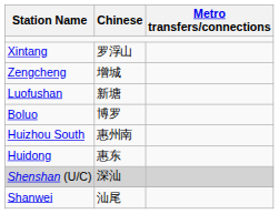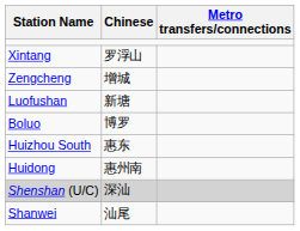 <table class="wikitable">
 <tr>
 <th>Station Name</th>
 <th>Chinese</th>
 <th><a href='#'>Metro</a><br>transfers/connections</th>
 </tr>
 <tr style="background:#">
 <td colspan = "11"></td>
 </tr>
 <tr>
 <td><a href='#'>Xintang</a></td>
 <td>罗浮山</td>
 <td></td>
 </tr>
 <tr>
 <td><a href='#'>Zengcheng</a></td>
 <td>增城</td>
 <td></td>
 </tr>
 <tr>
 <td><a href='#'>Luofushan</a></td>
 <td>新塘</td>
 <td></td>
 </tr>
 <tr>
 <td><a href='#'>Boluo</a></td>
 <td>博罗</td>
 <td></td>
 </tr>
 <tr>
 <td><a href='#'>Huizhou South</a></td>
-<td>惠州南</td>
+<td>惠东</td>
 <td></td>
 </tr>
 <tr>
 <td><a href='#'>Huidong</a></td>
-<td>惠东</td>
+<td>惠州南</td>
 <td></td>
 </tr>
 <tr bgcolor="lightgrey">
 <td><em><a href='#'>Shenshan</a></em> (U/C)</td>
 <td>深汕</td>
 <td></td>
 </tr>
 <tr>
 <td><a href='#'>Shanwei</a></td>
 <td>汕尾</td>
 <td></td>
 </tr>
 </table>
